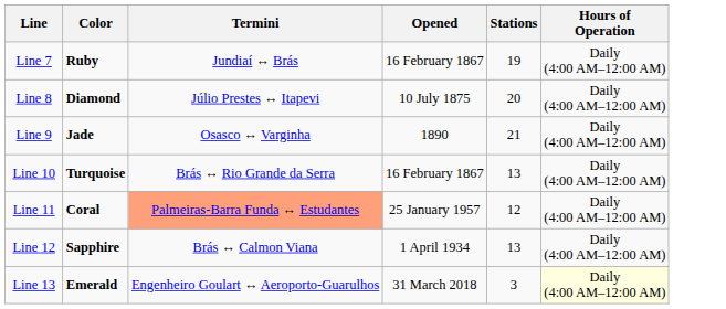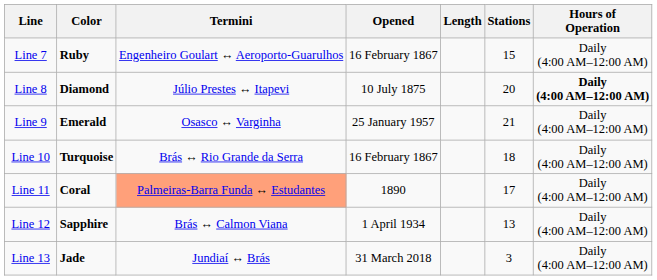 <table class="wikitable">
 <tr>
 <th align="center" width="60px">Line</th>
 <th align="center">Color</th>
 <th align="center">Termini</th>
 <th align="center">Opened</th>
+<th align="center">Length</th>
 <th align="center">Stations</th>
 <th align="center">Hours of <br>Operation</th>
 </tr>
 <tr>
 <td align="center"><a href='#'>Line 7</a></td>
 <td><strong>Ruby</strong></td>
-<td align="center"><a href='#'>Jundiaí</a> ↔ <a href='#'>Brás</a></td>
+<td align="center"><a href='#'>Engenheiro Goulart</a> ↔ <a href='#'>Aeroporto-Guarulhos</a></td>
 <td align="center">16 February 1867</td>
-<td align="center">19</td>
+<td align="center"></td>
+<td align="center">15</td>
 <td align="center">Daily <br>(4:00 AM–12:00 AM)</td>
 </tr>
 <tr>
 <td align="center"><a href='#'>Line 8</a></td>
 <td><strong>Diamond</strong></td>
 <td align="center"><a href='#'>Júlio Prestes</a> ↔ <a href='#'>Itapevi</a></td>
 <td align="center">10 July 1875</td>
+<td align="center"></td>
 <td align="center">20</td>
-<td align="center">Daily <br>(4:00 AM–12:00 AM)</td>
+<td align="center"><strong>Daily <br>(4:00 AM–12:00 AM)</strong></td>
 </tr>
 <tr>
 <td align="center"><a href='#'>Line 9</a></td>
-<td><strong>Jade</strong></td>
+<td><strong>Emerald</strong></td>
 <td align="center"><a href='#'>Osasco</a> ↔ <a href='#'>Varginha</a></td>
-<td align="center">1890</td>
+<td align="center">25 January 1957</td>
+<td align="center"></td>
 <td align="center">21</td>
 <td align="center">Daily <br>(4:00 AM–12:00 AM)</td>
 </tr>
 <tr>
 <td align="center"><a href='#'>Line 10</a></td>
 <td><strong>Turquoise</strong></td>
 <td align="center"><a href='#'>Brás</a> ↔ <a href='#'>Rio Grande da Serra</a></td>
 <td align="center">16 February 1867</td>
-<td align="center">13</td>
+<td align="center"></td>
+<td align="center">18</td>
 <td align="center">Daily <br>(4:00 AM–12:00 AM)</td>
 </tr>
 <tr>
 <td align="center"><a href='#'>Line 11</a></td>
 <td><strong>Coral</strong></td>
 <td align="center" style="background: lightsalmon;"><a href='#'>Palmeiras-Barra Funda</a> ↔ <a href='#'>Estudantes</a></td>
-<td align="center">25 January 1957</td>
-<td align="center">12</td>
+<td align="center">1890</td>
+<td align="center"></td>
+<td align="center">17</td>
 <td align="center">Daily <br>(4:00 AM–12:00 AM)</td>
 </tr>
 <tr>
 <td align="center"><a href='#'>Line 12</a></td>
 <td><strong>Sapphire</strong></td>
 <td align="center"><a href='#'>Brás</a> ↔ <a href='#'>Calmon Viana</a></td>
 <td align="center">1 April 1934</td>
+<td align="center"></td>
 <td align="center">13</td>
 <td align="center">Daily <br>(4:00 AM–12:00 AM)</td>
 </tr>
 <tr>
 <td align="center"><a href='#'>Line 13</a></td>
-<td><strong>Emerald</strong></td>
-<td align="center"><a href='#'>Engenheiro Goulart</a> ↔ <a href='#'>Aeroporto-Guarulhos</a></td>
+<td><strong>Jade</strong></td>
+<td align="center"><a href='#'>Jundiaí</a> ↔ <a href='#'>Brás</a></td>
 <td align="center">31 March 2018</td>
+<td align="center"></td>
 <td align="center">3</td>
-<td align="center" style="background: lightyellow;">Daily <br>(4:00 AM–12:00 AM)</td>
+<td align="center">Daily <br>(4:00 AM–12:00 AM)</td>
 </tr>
 </table>
